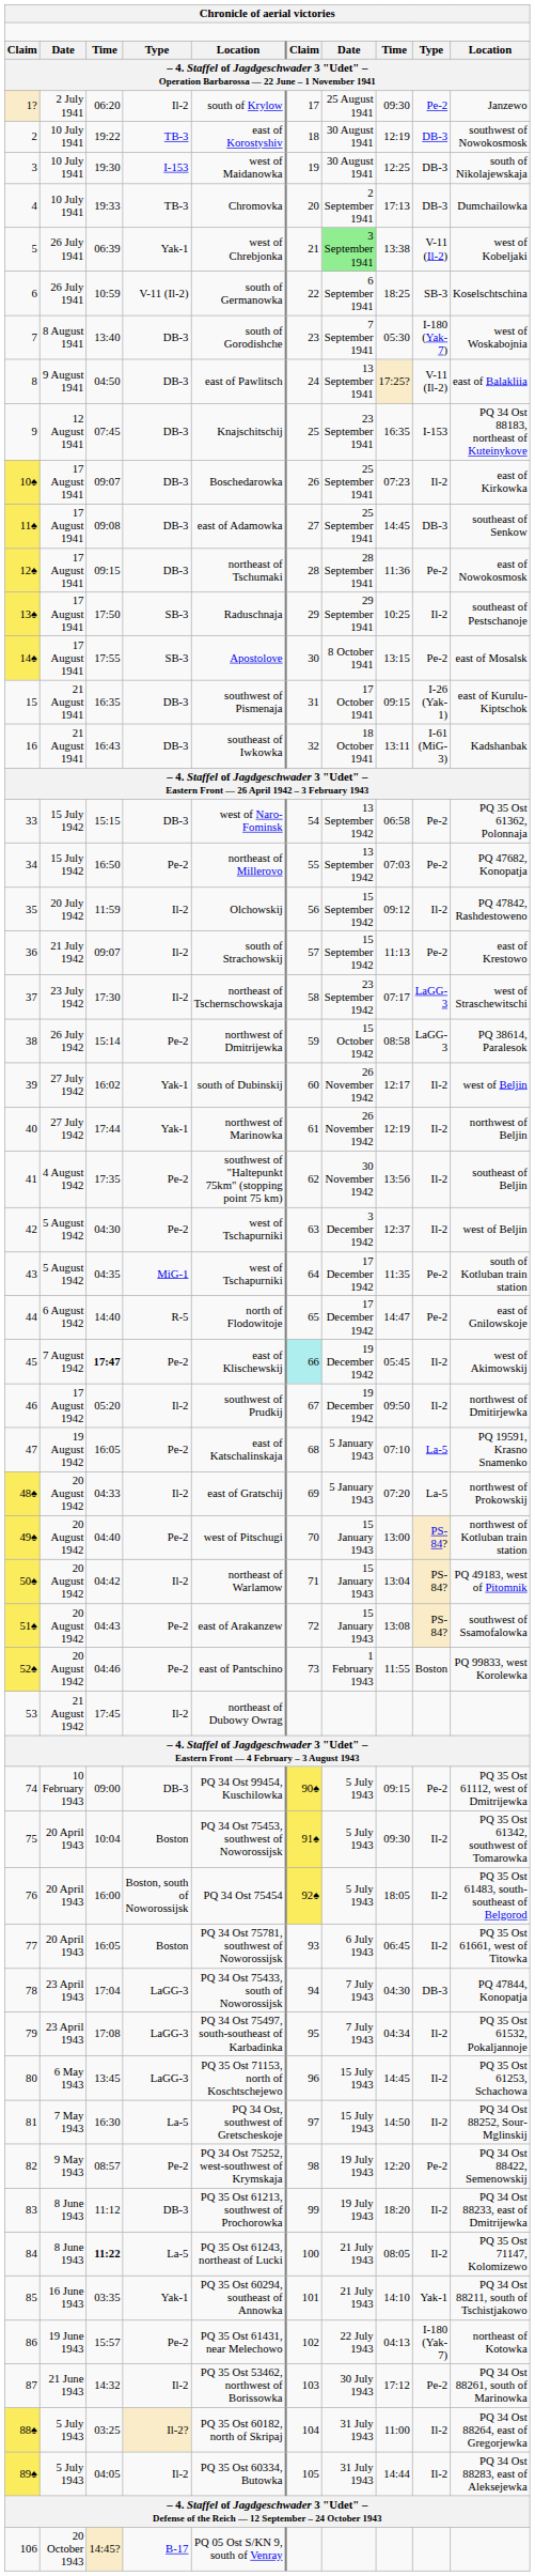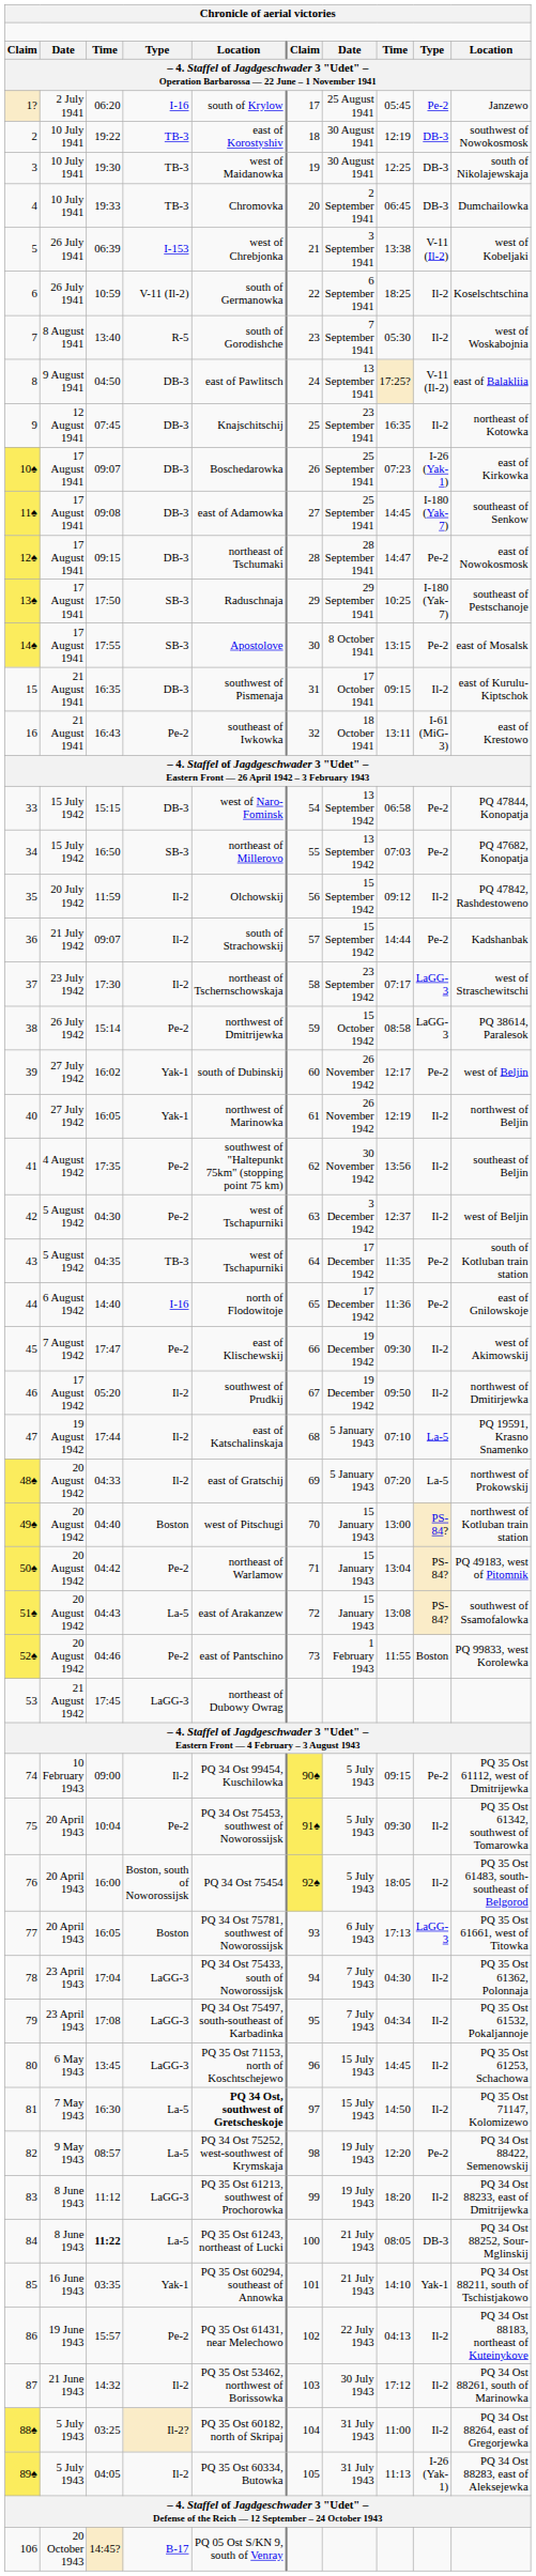 <table class="wikitable plainrowheaders collapsible" style="margin-left: auto; margin-right: auto; border: none; text-align:right; width: 100%;">
 <tr>
 <th colspan="10">Chronicle of aerial victories</th>
 </tr>
 <tr>
 <td colspan="10" style="text-align: left;"><br> </td>
 </tr>
 <tr>
 <th scope="col">Claim</th>
 <th scope="col">Date</th>
 <th scope="col">Time</th>
 <th scope="col" width="100px">Type</th>
 <th scope="col">Location</th>
 <th scope="col" style="border-left: 3px solid grey;">Claim</th>
 <th scope="col">Date</th>
 <th scope="col">Time</th>
 <th scope="col" width="100px">Type</th>
 <th scope="col">Location</th>
 </tr>
 <tr>
 <th colspan="10">– 4. <em>Staffel</em> of <em>Jagdgeschwader</em> 3 "Udet" –<br><small>Operation Barbarossa — 22 June – 1 November 1941</small></th>
 </tr>
 <tr>
 <td style="background:#faecc8">1?</td>
 <td>2 July 1941</td>
 <td>06:20</td>
-<td>Il-2</td>
+<td><a href='#'>I-16</a></td>
 <td> south of <a href='#'>Krylow</a></td>
 <td style="border-left: 3px solid grey;">17</td>
 <td>25 August 1941</td>
-<td>09:30</td>
+<td>05:45</td>
 <td><a href='#'>Pe-2</a></td>
 <td>Janzewo</td>
 </tr>
 <tr>
 <td>2</td>
 <td>10 July 1941</td>
 <td>19:22</td>
 <td><a href='#'>TB-3</a></td>
 <td> east of <a href='#'>Korostyshiv</a></td>
 <td style="border-left: 3px solid grey;">18</td>
 <td>30 August 1941</td>
 <td>12:19</td>
 <td><a href='#'>DB-3</a></td>
 <td> southwest of Nowokosmosk</td>
 </tr>
 <tr>
 <td>3</td>
 <td>10 July 1941</td>
 <td>19:30</td>
-<td><a href='#'>I-153</a></td>
+<td>TB-3</td>
 <td> west of Maidanowka</td>
 <td style="border-left: 3px solid grey;">19</td>
 <td>30 August 1941</td>
 <td>12:25</td>
 <td>DB-3</td>
 <td> south of Nikolajewskaja</td>
 </tr>
 <tr>
 <td>4</td>
 <td>10 July 1941</td>
 <td>19:33</td>
 <td>TB-3</td>
 <td>Chromovka</td>
 <td style="border-left: 3px solid grey;">20</td>
 <td>2 September 1941</td>
-<td>17:13</td>
+<td>06:45</td>
 <td>DB-3</td>
 <td>Dumchailowka</td>
 </tr>
 <tr>
 <td>5</td>
 <td>26 July 1941</td>
 <td>06:39</td>
-<td>Yak-1</td>
+<td><a href='#'>I-153</a></td>
 <td>west of Chrebjonka</td>
 <td style="border-left: 3px solid grey;">21</td>
-<td style="background: lightgreen;">3 September 1941</td>
+<td>3 September 1941</td>
 <td>13:38</td>
 <td>V-11 (<a href='#'>Il-2</a>)</td>
 <td> west of Kobeljaki</td>
 </tr>
 <tr>
 <td>6</td>
 <td>26 July 1941</td>
 <td>10:59</td>
 <td>V-11 (Il-2)</td>
 <td>south of Germanowka</td>
 <td style="border-left: 3px solid grey;">22</td>
 <td>6 September 1941</td>
 <td>18:25</td>
-<td>SB-3</td>
+<td>Il-2</td>
 <td>Koselschtschina</td>
 </tr>
 <tr>
 <td>7</td>
 <td>8 August 1941</td>
 <td>13:40</td>
-<td>DB-3</td>
+<td>R-5</td>
 <td> south of Gorodishche</td>
 <td style="border-left: 3px solid grey;">23</td>
 <td>7 September 1941</td>
 <td>05:30</td>
-<td>I-180 (<a href='#'>Yak-7</a>)</td>
+<td>Il-2</td>
 <td> west of Woskabojnia</td>
 </tr>
 <tr>
 <td>8</td>
 <td>9 August 1941</td>
 <td>04:50</td>
 <td>DB-3</td>
 <td> east of Pawlitsch</td>
 <td style="border-left: 3px solid grey;">24</td>
 <td>13 September 1941</td>
 <td style="background:#faecc8">17:25?</td>
 <td>V-11 (Il-2)</td>
 <td> east of <a href='#'>Balakliia</a></td>
 </tr>
 <tr>
 <td>9</td>
 <td>12 August 1941</td>
 <td>07:45</td>
 <td>DB-3</td>
 <td>Knajschitschij</td>
 <td style="border-left: 3px solid grey;">25</td>
 <td>23 September 1941</td>
 <td>16:35</td>
-<td>I-153</td>
-<td>PQ 34 Ost 88183,  northeast of <a href='#'>Kuteinykove</a></td>
+<td>Il-2</td>
+<td> northeast of Kotowka</td>
 </tr>
 <tr>
 <td style="background:#fbec5d;">10♠</td>
 <td>17 August 1941</td>
 <td>09:07</td>
 <td>DB-3</td>
 <td>Boschedarowka</td>
 <td style="border-left: 3px solid grey;">26</td>
 <td>25 September 1941</td>
 <td>07:23</td>
-<td>Il-2</td>
+<td>I-26 (<a href='#'>Yak-1</a>)</td>
 <td>east of Kirkowka</td>
 </tr>
 <tr>
 <td style="background:#fbec5d;">11♠</td>
 <td>17 August 1941</td>
 <td>09:08</td>
 <td>DB-3</td>
 <td> east of Adamowka</td>
 <td style="border-left: 3px solid grey;">27</td>
 <td>25 September 1941</td>
 <td>14:45</td>
-<td>DB-3</td>
+<td>I-180 (<a href='#'>Yak-7</a>)</td>
 <td> southeast of Senkow</td>
 </tr>
 <tr>
 <td style="background:#fbec5d;">12♠</td>
 <td>17 August 1941</td>
 <td>09:15</td>
 <td>DB-3</td>
 <td> northeast of Tschumaki</td>
 <td style="border-left: 3px solid grey;">28</td>
 <td>28 September 1941</td>
-<td>11:36</td>
+<td>14:47</td>
 <td>Pe-2</td>
 <td> east of Nowokosmosk</td>
 </tr>
 <tr>
 <td style="background:#fbec5d;">13♠</td>
 <td>17 August 1941</td>
 <td>17:50</td>
 <td>SB-3</td>
 <td>Raduschnaja</td>
 <td style="border-left: 3px solid grey;">29</td>
 <td>29 September 1941</td>
 <td>10:25</td>
-<td>Il-2</td>
+<td>I-180 (Yak-7)</td>
 <td> southeast of Pestschanoje</td>
 </tr>
 <tr>
 <td style="background:#fbec5d;">14♠</td>
 <td>17 August 1941</td>
 <td>17:55</td>
 <td>SB-3</td>
 <td><a href='#'>Apostolove</a></td>
 <td style="border-left: 3px solid grey;">30</td>
 <td>8 October 1941</td>
 <td>13:15</td>
 <td>Pe-2</td>
 <td> east of Mosalsk</td>
 </tr>
 <tr>
 <td>15</td>
 <td>21 August 1941</td>
 <td>16:35</td>
 <td>DB-3</td>
 <td> southwest of Pismenaja</td>
 <td style="border-left: 3px solid grey;">31</td>
 <td>17 October 1941</td>
 <td>09:15</td>
-<td>I-26 (Yak-1)</td>
+<td>Il-2</td>
 <td> east of Kurulu-Kiptschok</td>
 </tr>
 <tr>
 <td>16</td>
 <td>21 August 1941</td>
 <td>16:43</td>
-<td>DB-3</td>
+<td>Pe-2</td>
 <td> southeast of Iwkowka</td>
 <td style="border-left: 3px solid grey;">32</td>
 <td>18 October 1941</td>
 <td>13:11</td>
 <td>I-61 (MiG-3)</td>
-<td>Kadshanbak</td>
+<td> east of Krestowo</td>
 </tr>
 <tr>
 <th colspan="10">– 4. <em>Staffel</em> of <em>Jagdgeschwader</em> 3 "Udet" –<br><small>Eastern Front — 26 April 1942 – 3 February 1943</small></th>
 </tr>
 <tr>
 <td>33</td>
 <td>15 July 1942</td>
 <td>15:15</td>
 <td>DB-3</td>
 <td> west of <a href='#'>Naro-Fominsk</a></td>
 <td style="border-left: 3px solid grey;">54</td>
 <td>13 September 1942</td>
 <td>06:58</td>
 <td>Pe-2</td>
-<td>PQ 35 Ost 61362, Polonnaja</td>
+<td>PQ 47844, Konopatja</td>
 </tr>
 <tr>
 <td>34</td>
 <td>15 July 1942</td>
 <td>16:50</td>
-<td>Pe-2</td>
+<td>SB-3</td>
 <td> northeast of <a href='#'>Millerovo</a></td>
 <td style="border-left: 3px solid grey;">55</td>
 <td>13 September 1942</td>
 <td>07:03</td>
 <td>Pe-2</td>
 <td>PQ 47682, Konopatja</td>
 </tr>
 <tr>
 <td>35</td>
 <td>20 July 1942</td>
 <td>11:59</td>
 <td>Il-2</td>
 <td>Olchowskij</td>
 <td style="border-left: 3px solid grey;">56</td>
 <td>15 September 1942</td>
 <td>09:12</td>
 <td>Il-2</td>
 <td>PQ 47842, Rashdestoweno</td>
 </tr>
 <tr>
 <td>36</td>
 <td>21 July 1942</td>
 <td>09:07</td>
 <td>Il-2</td>
 <td> south of Strachowskij</td>
 <td style="border-left: 3px solid grey;">57</td>
 <td>15 September 1942</td>
-<td>11:13</td>
+<td>14:44</td>
 <td>Pe-2</td>
-<td> east of Krestowo</td>
+<td>Kadshanbak</td>
 </tr>
 <tr>
 <td>37</td>
 <td>23 July 1942</td>
 <td>17:30</td>
 <td>Il-2</td>
 <td> northeast of Tschernschowskaja</td>
 <td style="border-left: 3px solid grey;">58</td>
 <td>23 September 1942</td>
 <td>07:17</td>
 <td><a href='#'>LaGG-3</a></td>
 <td> west of Straschewitschi</td>
 </tr>
 <tr>
 <td>38</td>
 <td>26 July 1942</td>
 <td>15:14</td>
 <td>Pe-2</td>
 <td> northwest of Dmitrijewka</td>
 <td style="border-left: 3px solid grey;">59</td>
 <td>15 October 1942</td>
 <td>08:58</td>
 <td>LaGG-3</td>
 <td>PQ 38614, Paralesok</td>
 </tr>
 <tr>
 <td>39</td>
 <td>27 July 1942</td>
 <td>16:02</td>
 <td>Yak-1</td>
 <td> south of Dubinskij</td>
 <td style="border-left: 3px solid grey;">60</td>
 <td>26 November 1942</td>
 <td>12:17</td>
-<td>Il-2</td>
+<td>Pe-2</td>
 <td> west of <a href='#'>Beljin</a></td>
 </tr>
 <tr>
 <td>40</td>
 <td>27 July 1942</td>
-<td>17:44</td>
+<td>16:05</td>
 <td>Yak-1</td>
 <td> northwest of Marinowka</td>
 <td style="border-left: 3px solid grey;">61</td>
 <td>26 November 1942</td>
 <td>12:19</td>
 <td>Il-2</td>
 <td> northwest of Beljin</td>
 </tr>
 <tr>
 <td>41</td>
 <td>4 August 1942</td>
 <td>17:35</td>
 <td>Pe-2</td>
 <td> southwest of "Haltepunkt 75km" (stopping point 75 km)</td>
 <td style="border-left: 3px solid grey;">62</td>
 <td>30 November 1942</td>
 <td>13:56</td>
 <td>Il-2</td>
 <td> southeast of Beljin</td>
 </tr>
 <tr>
 <td>42</td>
 <td>5 August 1942</td>
 <td>04:30</td>
 <td>Pe-2</td>
 <td> west of Tschapurniki</td>
 <td style="border-left: 3px solid grey;">63</td>
 <td>3 December 1942</td>
 <td>12:37</td>
 <td>Il-2</td>
 <td> west of Beljin</td>
 </tr>
 <tr>
 <td>43</td>
 <td>5 August 1942</td>
 <td>04:35</td>
-<td><a href='#'>MiG-1</a></td>
+<td>TB-3</td>
 <td> west of Tschapurniki</td>
 <td style="border-left: 3px solid grey;">64</td>
 <td>17 December 1942</td>
 <td>11:35</td>
 <td>Pe-2</td>
 <td> south of Kotluban train station</td>
 </tr>
 <tr>
 <td>44</td>
 <td>6 August 1942</td>
 <td>14:40</td>
-<td>R-5</td>
+<td><a href='#'>I-16</a></td>
 <td> north of Flodowitoje</td>
 <td style="border-left: 3px solid grey;">65</td>
 <td>17 December 1942</td>
-<td>14:47</td>
+<td>11:36</td>
 <td>Pe-2</td>
 <td> east of Gnilowskoje</td>
 </tr>
 <tr>
 <td>45</td>
 <td>7 August 1942</td>
-<td><strong>17:47</strong></td>
+<td>17:47</td>
 <td>Pe-2</td>
 <td> east of Klischewskij</td>
-<td style="background: paleturquoise; border-left: 3px solid grey;">66</td>
+<td style="border-left: 3px solid grey;">66</td>
 <td>19 December 1942</td>
-<td>05:45</td>
+<td>09:30</td>
 <td>Il-2</td>
 <td> west of Akimowskij</td>
 </tr>
 <tr>
 <td>46</td>
 <td>17 August 1942</td>
 <td>05:20</td>
 <td>Il-2</td>
 <td> southwest of Prudkij</td>
 <td style="border-left: 3px solid grey;">67</td>
 <td>19 December 1942</td>
 <td>09:50</td>
 <td>Il-2</td>
 <td> northwest of Dmitirjewka</td>
 </tr>
 <tr>
 <td>47</td>
 <td>19 August 1942</td>
-<td>16:05</td>
-<td>Pe-2</td>
+<td>17:44</td>
+<td>Il-2</td>
 <td> east of Katschalinskaja</td>
 <td style="border-left: 3px solid grey;">68</td>
 <td>5 January 1943</td>
 <td>07:10</td>
 <td><a href='#'>La-5</a></td>
 <td>PQ 19591, Krasno Snamenko</td>
 </tr>
 <tr>
 <td style="background:#fbec5d;">48♠</td>
 <td>20 August 1942</td>
 <td>04:33</td>
 <td>Il-2</td>
 <td> east of Gratschij</td>
 <td style="border-left: 3px solid grey;">69</td>
 <td>5 January 1943</td>
 <td>07:20</td>
 <td>La-5</td>
 <td> northwest of Prokowskij</td>
 </tr>
 <tr>
 <td style="background:#fbec5d;">49♠</td>
 <td>20 August 1942</td>
 <td>04:40</td>
-<td>Pe-2</td>
+<td>Boston</td>
 <td> west of Pitschugi</td>
 <td style="border-left: 3px solid grey;">70</td>
 <td>15 January 1943</td>
 <td>13:00</td>
 <td style="background:#faecc8"><a href='#'>PS-84</a>?</td>
 <td> northwest of Kotluban train station</td>
 </tr>
 <tr>
 <td style="background:#fbec5d;">50♠</td>
 <td>20 August 1942</td>
 <td>04:42</td>
-<td>Il-2</td>
+<td>Pe-2</td>
 <td> northeast of Warlamow</td>
 <td style="border-left: 3px solid grey;">71</td>
 <td>15 January 1943</td>
 <td>13:04</td>
 <td style="background:#faecc8">PS-84?</td>
 <td>PQ 49183, west of <a href='#'>Pitomnik</a></td>
 </tr>
 <tr>
 <td style="background:#fbec5d;">51♠</td>
 <td>20 August 1942</td>
 <td>04:43</td>
-<td>Pe-2</td>
+<td>La-5</td>
 <td> east of Arakanzew</td>
 <td style="border-left: 3px solid grey;">72</td>
 <td>15 January 1943</td>
 <td>13:08</td>
 <td style="background:#faecc8">PS-84?</td>
 <td> southwest of Ssamofalowka</td>
 </tr>
 <tr>
 <td style="background:#fbec5d;">52♠</td>
 <td>20 August 1942</td>
 <td>04:46</td>
 <td>Pe-2</td>
 <td> east of Pantschino</td>
 <td style="border-left: 3px solid grey;">73</td>
 <td>1 February 1943</td>
 <td>11:55</td>
 <td>Boston</td>
 <td>PQ 99833, west Korolewka</td>
 </tr>
 <tr>
 <td>53</td>
 <td>21 August 1942</td>
 <td>17:45</td>
-<td>Il-2</td>
+<td>LaGG-3</td>
 <td> northeast of Dubowy Owrag</td>
 <td style="border-left: 3px solid grey;"></td>
 <td></td>
 <td></td>
 <td></td>
 <td></td>
 </tr>
 <tr>
 <th colspan="10">– 4. <em>Staffel</em> of <em>Jagdgeschwader</em> 3 "Udet" –<br><small>Eastern Front — 4 February – 3 August 1943</small></th>
 </tr>
 <tr>
 <td>74</td>
 <td>10 February 1943</td>
 <td>09:00</td>
-<td>DB-3</td>
+<td>Il-2</td>
 <td>PQ 34 Ost 99454, Kuschilowka</td>
 <td style="border-left: 3px solid grey; background:#fbec5d;">90♠</td>
 <td>5 July 1943</td>
 <td>09:15</td>
 <td>Pe-2</td>
 <td>PQ 35 Ost 61112,  west of Dmitrijewka</td>
 </tr>
 <tr>
 <td>75</td>
 <td>20 April 1943</td>
 <td>10:04</td>
-<td>Boston</td>
+<td>Pe-2</td>
 <td>PQ 34 Ost 75453,  southwest of Noworossijsk</td>
 <td style="border-left: 3px solid grey; background:#fbec5d;">91♠</td>
 <td>5 July 1943</td>
 <td>09:30</td>
 <td>Il-2</td>
 <td>PQ 35 Ost 61342,  southwest of Tomarowka</td>
 </tr>
 <tr>
 <td>76</td>
 <td>20 April 1943</td>
 <td>16:00</td>
 <td>Boston,  south of Noworossijsk</td>
 <td>PQ 34 Ost 75454</td>
 <td style="border-left: 3px solid grey; background:#fbec5d;">92♠</td>
 <td>5 July 1943</td>
 <td>18:05</td>
 <td>Il-2</td>
 <td>PQ 35 Ost 61483,  south-southeast of <a href='#'>Belgorod</a></td>
 </tr>
 <tr>
 <td>77</td>
 <td>20 April 1943</td>
 <td>16:05</td>
 <td>Boston</td>
 <td>PQ 34 Ost 75781,  southwest of Noworossijsk</td>
 <td style="border-left: 3px solid grey;">93</td>
 <td>6 July 1943</td>
-<td>06:45</td>
-<td>Il-2</td>
+<td>17:13</td>
+<td><a href='#'>LaGG-3</a></td>
 <td>PQ 35 Ost 61661, west of Titowka</td>
 </tr>
 <tr>
 <td>78</td>
 <td>23 April 1943</td>
 <td>17:04</td>
 <td>LaGG-3</td>
 <td>PQ 34 Ost 75433,  south of Noworossijsk</td>
 <td style="border-left: 3px solid grey;">94</td>
 <td>7 July 1943</td>
 <td>04:30</td>
-<td>DB-3</td>
-<td>PQ 47844, Konopatja</td>
+<td>Il-2</td>
+<td>PQ 35 Ost 61362, Polonnaja</td>
 </tr>
 <tr>
 <td>79</td>
 <td>23 April 1943</td>
 <td>17:08</td>
 <td>LaGG-3</td>
 <td>PQ 34 Ost 75497,  south-southeast of Karbadinka</td>
 <td style="border-left: 3px solid grey;">95</td>
 <td>7 July 1943</td>
 <td>04:34</td>
 <td>Il-2</td>
 <td>PQ 35 Ost 61532, Pokaljannoje</td>
 </tr>
 <tr>
 <td>80</td>
 <td>6 May 1943</td>
 <td>13:45</td>
 <td>LaGG-3</td>
 <td>PQ 35 Ost 71153, north of Koschtschejewo</td>
 <td style="border-left: 3px solid grey;">96</td>
 <td>15 July 1943</td>
 <td>14:45</td>
 <td>Il-2</td>
 <td>PQ 35 Ost 61253, Schachowa</td>
 </tr>
 <tr>
 <td>81</td>
 <td>7 May 1943</td>
 <td>16:30</td>
 <td>La-5</td>
-<td>PQ 34 Ost,  southwest of Gretscheskoje</td>
+<td><strong>PQ 34 Ost,  southwest of Gretscheskoje</strong></td>
 <td style="border-left: 3px solid grey;">97</td>
 <td>15 July 1943</td>
 <td>14:50</td>
 <td>Il-2</td>
-<td>PQ 34 Ost 88252, Sour-Mglinskij</td>
+<td>PQ 35 Ost 71147, Kolomizewo</td>
 </tr>
 <tr>
 <td>82</td>
 <td>9 May 1943</td>
 <td>08:57</td>
-<td>Pe-2</td>
+<td>La-5</td>
 <td>PQ 34 Ost 75252,  west-southwest of Krymskaja</td>
 <td style="border-left: 3px solid grey;">98</td>
 <td>19 July 1943</td>
 <td>12:20</td>
 <td>Pe-2</td>
 <td>PQ 34 Ost 88422, Semenowskij</td>
 </tr>
 <tr>
 <td>83</td>
 <td>8 June 1943</td>
 <td>11:12</td>
-<td>DB-3</td>
+<td>LaGG-3</td>
 <td>PQ 35 Ost 61213,  southwest of Prochorowka</td>
 <td style="border-left: 3px solid grey;">99</td>
 <td>19 July 1943</td>
 <td>18:20</td>
 <td>Il-2</td>
 <td>PQ 34 Ost 88233,  east of Dmitrijewka</td>
 </tr>
 <tr>
 <td>84</td>
 <td>8 June 1943</td>
 <td><strong>11:22</strong></td>
 <td>La-5</td>
 <td>PQ 35 Ost 61243,  northeast of Lucki</td>
 <td style="border-left: 3px solid grey;">100</td>
 <td>21 July 1943</td>
 <td>08:05</td>
-<td>Il-2</td>
-<td>PQ 35 Ost 71147, Kolomizewo</td>
+<td>DB-3</td>
+<td>PQ 34 Ost 88252, Sour-Mglinskij</td>
 </tr>
 <tr>
 <td>85</td>
 <td>16 June 1943</td>
 <td>03:35</td>
 <td>Yak-1</td>
 <td>PQ 35 Ost 60294,  southeast of Annowka</td>
 <td style="border-left: 3px solid grey;">101</td>
 <td>21 July 1943</td>
 <td>14:10</td>
 <td>Yak-1</td>
 <td>PQ 34 Ost 88211, south of Tschistjakowo</td>
 </tr>
 <tr>
 <td>86</td>
 <td>19 June 1943</td>
 <td>15:57</td>
 <td>Pe-2</td>
 <td>PQ 35 Ost 61431, near Melechowo</td>
 <td style="border-left: 3px solid grey;">102</td>
 <td>22 July 1943</td>
 <td>04:13</td>
-<td>I-180 (Yak-7)</td>
-<td> northeast of Kotowka</td>
+<td>Il-2</td>
+<td>PQ 34 Ost 88183,  northeast of <a href='#'>Kuteinykove</a></td>
 </tr>
 <tr>
 <td>87</td>
 <td>21 June 1943</td>
 <td>14:32</td>
 <td>Il-2</td>
 <td>PQ 35 Ost 53462,  northwest of Borissowka</td>
 <td style="border-left: 3px solid grey;">103</td>
 <td>30 July 1943</td>
 <td>17:12</td>
-<td>Pe-2</td>
+<td>Il-2</td>
 <td>PQ 34 Ost 88261,  south of Marinowka</td>
 </tr>
 <tr>
 <td style="background:#fbec5d;">88♠</td>
 <td>5 July 1943</td>
 <td>03:25</td>
 <td style="background:#faecc8">Il-2?</td>
 <td>PQ 35 Ost 60182, north of Skripaj</td>
 <td style="border-left: 3px solid grey;">104</td>
 <td>31 July 1943</td>
 <td>11:00</td>
 <td>Il-2</td>
 <td>PQ 34 Ost 88264,  east of Gregorjewka</td>
 </tr>
 <tr>
 <td style="background:#fbec5d;">89♠</td>
 <td>5 July 1943</td>
 <td>04:05</td>
 <td>Il-2</td>
 <td>PQ 35 Ost 60334, Butowka</td>
 <td style="border-left: 3px solid grey;">105</td>
 <td>31 July 1943</td>
-<td>14:44</td>
-<td>Il-2</td>
+<td>11:13</td>
+<td>I-26 (Yak-1)</td>
 <td>PQ 34 Ost 88283,  east of Aleksejewka</td>
 </tr>
 <tr>
 <th colspan="10">– 4. <em>Staffel</em> of <em>Jagdgeschwader</em> 3 "Udet" –<br><small>Defense of the Reich — 12 September – 24 October 1943</small></th>
 </tr>
 <tr>
 <td>106</td>
 <td>20 October 1943</td>
 <td style="background:#faecc8">14:45?</td>
 <td><a href='#'>B-17</a></td>
 <td>PQ 05 Ost S/KN 9,  south of <a href='#'>Venray</a></td>
 <td style="border-left: 3px solid grey;"></td>
 <td></td>
 <td></td>
 <td></td>
 <td></td>
 </tr>
 </table>
